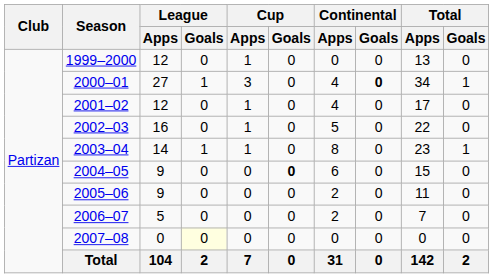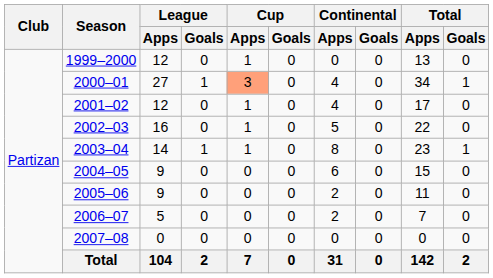 <table class="wikitable" style="text-align:center">
 <tr>
 <th rowspan="2">Club</th>
 <th rowspan="2">Season</th>
 <th colspan="2">League</th>
 <th colspan="2">Cup</th>
 <th colspan="2">Continental</th>
 <th colspan="2">Total</th>
 </tr>
 <tr>
 <th>Apps</th>
 <th>Goals</th>
 <th>Apps</th>
 <th>Goals</th>
 <th>Apps</th>
 <th>Goals</th>
 <th>Apps</th>
 <th>Goals</th>
 </tr>
 <tr>
 <td rowspan="10"><a href='#'>Partizan</a></td>
 <td><a href='#'>1999–2000</a></td>
 <td>12</td>
 <td>0</td>
 <td>1</td>
 <td>0</td>
 <td>0</td>
 <td>0</td>
 <td>13</td>
 <td>0</td>
 </tr>
 <tr>
 <td><a href='#'>2000–01</a></td>
 <td>27</td>
 <td>1</td>
-<td>3</td>
+<td style="background: lightsalmon;">3</td>
 <td>0</td>
 <td>4</td>
-<td><strong>0</strong></td>
+<td>0</td>
 <td>34</td>
 <td>1</td>
 </tr>
 <tr>
 <td><a href='#'>2001–02</a></td>
 <td>12</td>
 <td>0</td>
 <td>1</td>
 <td>0</td>
 <td>4</td>
 <td>0</td>
 <td>17</td>
 <td>0</td>
 </tr>
 <tr>
 <td><a href='#'>2002–03</a></td>
 <td>16</td>
 <td>0</td>
 <td>1</td>
 <td>0</td>
 <td>5</td>
 <td>0</td>
 <td>22</td>
 <td>0</td>
 </tr>
 <tr>
 <td><a href='#'>2003–04</a></td>
 <td>14</td>
 <td>1</td>
 <td>1</td>
 <td>0</td>
 <td>8</td>
 <td>0</td>
 <td>23</td>
 <td>1</td>
 </tr>
 <tr>
 <td><a href='#'>2004–05</a></td>
 <td>9</td>
 <td>0</td>
 <td>0</td>
-<td><strong>0</strong></td>
+<td>0</td>
 <td>6</td>
 <td>0</td>
 <td>15</td>
 <td>0</td>
 </tr>
 <tr>
 <td><a href='#'>2005–06</a></td>
 <td>9</td>
 <td>0</td>
 <td>0</td>
 <td>0</td>
 <td>2</td>
 <td>0</td>
 <td>11</td>
 <td>0</td>
 </tr>
 <tr>
 <td><a href='#'>2006–07</a></td>
 <td>5</td>
 <td>0</td>
 <td>0</td>
 <td>0</td>
 <td>2</td>
 <td>0</td>
 <td>7</td>
 <td>0</td>
 </tr>
 <tr>
 <td><a href='#'>2007–08</a></td>
 <td>0</td>
-<td style="background: lightyellow;">0</td>
+<td>0</td>
 <td>0</td>
 <td>0</td>
 <td>0</td>
 <td>0</td>
 <td>0</td>
 <td>0</td>
 </tr>
 <tr>
 <th>Total</th>
 <th>104</th>
 <th>2</th>
 <th>7</th>
 <th>0</th>
 <th>31</th>
 <th>0</th>
 <th>142</th>
 <th>2</th>
 </tr>
 </table>
